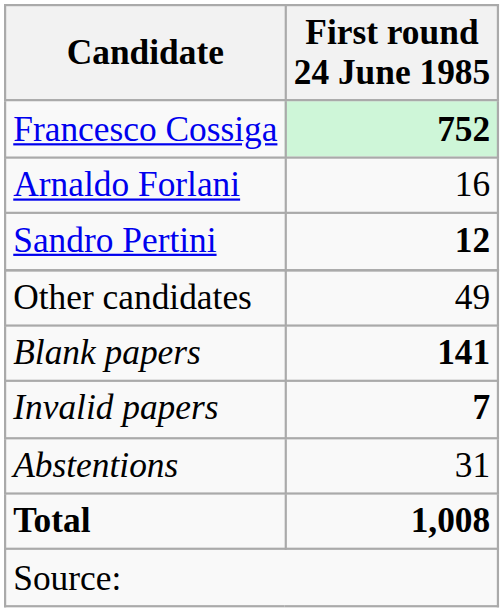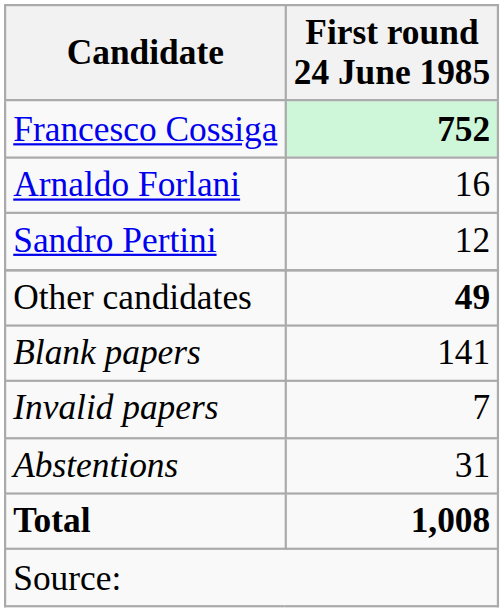 <table class="wikitable sortable" style=text-align:right>
 <tr>
 <th>Candidate</th>
 <th>First round<br>24 June 1985</th>
 </tr>
 <tr>
 <td align=left><a href='#'>Francesco Cossiga</a></td>
 <td bgcolor=#CEF6D8><strong>752</strong></td>
 </tr>
 <tr>
 <td align=left><a href='#'>Arnaldo Forlani</a></td>
 <td>16</td>
 </tr>
 <tr>
 <td align=left><a href='#'>Sandro Pertini</a></td>
-<td><strong>12</strong></td>
+<td>12</td>
 </tr>
 <tr>
 </tr>
 <tr class="sortbottom">
 <td align=left>Other candidates</td>
-<td>49</td>
+<td><strong>49</strong></td>
 </tr>
 <tr class="sortbottom">
 <td align=left><em>Blank papers</em></td>
-<td><strong>141</strong></td>
+<td>141</td>
 </tr>
 <tr class="sortbottom">
 <td align=left><em>Invalid papers</em></td>
-<td><strong>7</strong></td>
+<td>7</td>
 </tr>
 <tr class="sortbottom">
 <td align=left><em>Abstentions</em></td>
 <td>31</td>
 </tr>
 <tr class="sortbottom">
 <td align=left><strong>Total</strong></td>
 <td><strong>1,008</strong></td>
 </tr>
 <tr class="sortbottom">
 <td align=left colspan=8>Source: </td>
 </tr>
 </table>
